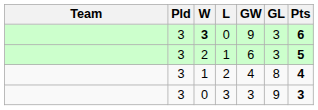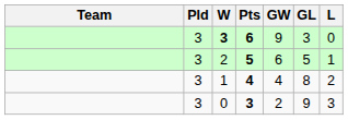 <table class="wikitable" style="text-align:center">
 <tr>
 <th width=200>Team</th>
 <th width=20>Pld</th>
 <th width=20>W</th>
-<th width=20>L</th>
+<th width=20>Pts</th>
 <th width=20>GW</th>
 <th width=20>GL</th>
-<th width=20>Pts</th>
+<th width=20>L</th>
 </tr>
 <tr bgcolor=ccffcc>
 <td style="text-align:left;"></td>
 <td>3</td>
 <td><strong>3</strong></td>
-<td>0</td>
+<td><strong>6</strong></td>
 <td>9</td>
 <td>3</td>
-<td><strong>6</strong></td>
+<td>0</td>
 </tr>
 <tr bgcolor=ccffcc>
 <td style="text-align:left;"></td>
 <td>3</td>
 <td>2</td>
+<td><strong>5</strong></td>
+<td>6</td>
+<td>5</td>
 <td>1</td>
-<td>6</td>
-<td>3</td>
-<td><strong>5</strong></td>
 </tr>
 <tr>
 <td style="text-align:left;"></td>
 <td>3</td>
 <td>1</td>
-<td>2</td>
+<td><strong>4</strong></td>
 <td>4</td>
 <td>8</td>
-<td><strong>4</strong></td>
+<td>2</td>
 </tr>
 <tr>
 <td style="text-align:left;"></td>
 <td>3</td>
 <td>0</td>
+<td><strong>3</strong></td>
+<td>2</td>
+<td>9</td>
 <td>3</td>
-<td>3</td>
-<td>9</td>
-<td><strong>3</strong></td>
 </tr>
 </table>
